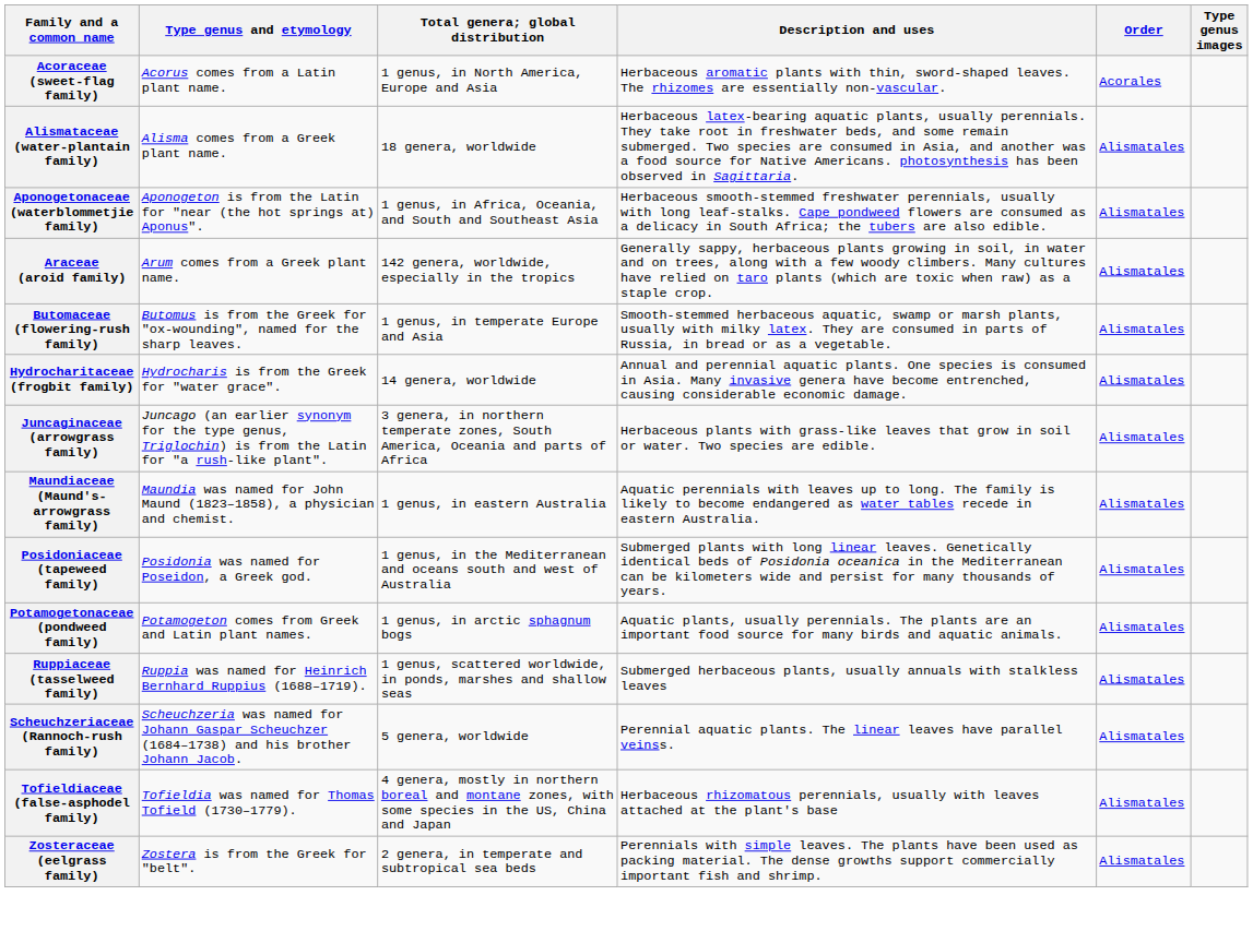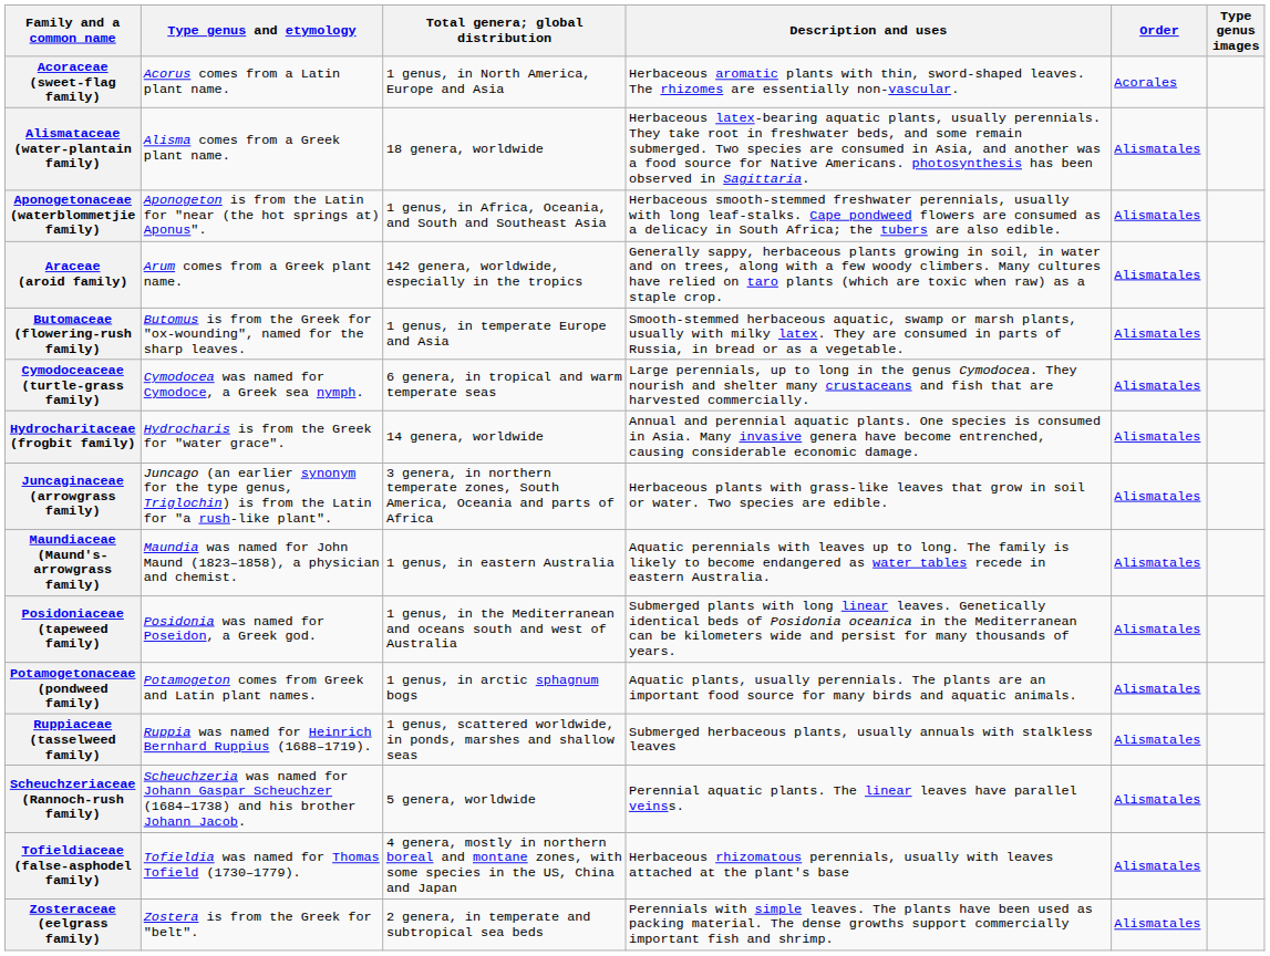 <table class="sortable wikitable plainrowheaders">
 <tr>
 <th scope="col" width="1%">Family and a <a href='#'>common name</a></th>
 <th scope="col" width="15%"><a href='#'>Type genus</a> and <a href='#'>etymology</a></th>
 <th scope="col" width="15%">Total genera; global distribution</th>
 <th scope="col" class="unsortable" style="min-width:160px;" width="30%">Description and uses</th>
 <th scope="col" width="1%"><a href='#'>Order</a></th>
 <th scope="col" class="unsortable" width="1%">Type genus images</th>
 </tr>
 <tr>
 <th scope="row" style="vertical-align: center;"><a href='#'>Acoraceae</a><br>(sweet-flag family)</th>
 <td><em><a href='#'>Acorus</a></em> comes from a Latin plant name.</td>
 <td>1 genus, in North America, Europe and Asia</td>
 <td>Herbaceous <a href='#'>aromatic</a> plants with thin, sword-shaped leaves. The <a href='#'>rhizomes</a> are essentially non-<a href='#'>vascular</a>.</td>
 <td><a href='#'>Acorales</a></td>
 <td></td>
 </tr>
 <tr>
 <th scope="row" style="vertical-align: center;"><a href='#'>Alismataceae</a><br>(water-plantain family)</th>
 <td><em><a href='#'>Alisma</a></em> comes from a Greek plant name.</td>
 <td>18 genera, worldwide</td>
 <td>Herbaceous <a href='#'>latex</a>-bearing aquatic plants, usually perennials. They take root in freshwater beds, and some remain submerged. Two species are consumed in Asia, and another was a food source for Native Americans. <a href='#'> photosynthesis</a> has been observed in <em><a href='#'>Sagittaria</a></em>.</td>
 <td><a href='#'>Alismatales</a></td>
 <td></td>
 </tr>
 <tr>
 <th scope="row" style="vertical-align: center;"><a href='#'>Aponogetona­ceae</a><br>(waterblommetjie family)</th>
 <td><em><a href='#'>Aponogeton</a></em> is from the Latin for "near (the hot springs at) <a href='#'>Aponus</a>".</td>
 <td>1 genus, in Africa, Oceania, and South and Southeast Asia</td>
 <td>Herbaceous smooth-stemmed freshwater perennials, usually with long leaf-stalks. <a href='#'>Cape pondweed</a> flowers are consumed as a delicacy in South Africa; the <a href='#'>tubers</a> are also edible.</td>
 <td><a href='#'>Alismatales</a></td>
 <td></td>
 </tr>
 <tr>
 <th scope="row" style="vertical-align: center;"><a href='#'>Araceae</a><br>(aroid family)</th>
 <td><em><a href='#'>Arum</a></em> comes from a Greek plant name.</td>
 <td>142 genera, worldwide, especially in the tropics</td>
 <td>Generally sappy, herbaceous plants growing in soil, in water and on trees, along with a few woody climbers. Many cultures have relied on <a href='#'>taro</a> plants (which are toxic when raw) as a staple crop.</td>
 <td><a href='#'>Alismatales</a></td>
 <td></td>
 </tr>
 <tr>
 <th scope="row" style="vertical-align: center;"><a href='#'>Butomaceae</a><br>(flowering-rush family)</th>
 <td><em><a href='#'>Butomus</a></em> is from the Greek for "ox-wounding", named for the sharp leaves.</td>
 <td>1 genus, in temperate Europe and Asia</td>
 <td>Smooth-stemmed herbaceous aquatic, swamp or marsh plants, usually with milky <a href='#'>latex</a>. They are consumed in parts of Russia, in bread or as a vegetable.</td>
+<td><a href='#'>Alismatales</a></td>
+<td></td>
+</tr>
+<tr>
+<th scope="row" style="vertical-align: center;"><a href='#'>Cymodocea­ceae</a><br>(turtle-grass family)</th>
+<td><em><a href='#'>Cymodocea</a></em> was named for <a href='#'>Cymodoce</a>, a Greek sea <a href='#'>nymph</a>.</td>
+<td>6 genera, in tropical and warm temperate seas</td>
+<td>Large perennials, up to  long in the genus <em>Cymodocea</em>. They nourish and shelter many <a href='#'>crustaceans</a> and fish that are harvested commercially.</td>
 <td><a href='#'>Alismatales</a></td>
 <td></td>
 </tr>
 <tr>
 <th scope="row" style="vertical-align: center;"><a href='#'>Hydrocharita­ceae</a><br>(frogbit family)</th>
 <td><em><a href='#'>Hydrocharis</a></em> is from the Greek for "water grace".</td>
 <td>14 genera, worldwide</td>
 <td>Annual and perennial aquatic plants. One species is consumed in Asia. Many <a href='#'>invasive</a> genera have become entrenched, causing considerable economic damage.</td>
 <td><a href='#'>Alismatales</a></td>
 <td></td>
 </tr>
 <tr>
 <th scope="row" style="vertical-align: center;"><a href='#'>Juncaginaceae</a><br>(arrowgrass family)</th>
 <td><em>Juncago</em> (an earlier <a href='#'>synonym</a> for the type genus, <em><a href='#'>Triglochin</a></em>) is from the Latin for "a <a href='#'>rush</a>-like plant".</td>
 <td>3 genera, in northern temperate zones, South America, Oceania and parts of Africa</td>
 <td>Herbaceous plants with grass-like leaves that grow in soil or water. Two species are edible.</td>
 <td><a href='#'>Alismatales</a></td>
 <td></td>
 </tr>
 <tr>
 <th scope="row" style="vertical-align: center;"><a href='#'>Maundiaceae</a><br>(Maund's-arrowgrass family)</th>
 <td><em><a href='#'>Maundia</a></em> was named for John Maund (1823–1858), a physician and chemist.</td>
 <td>1 genus, in eastern Australia</td>
 <td>Aquatic perennials with leaves up to  long. The family is likely to become endangered as <a href='#'>water tables</a> recede in eastern Australia.</td>
 <td><a href='#'>Alismatales</a></td>
 <td></td>
 </tr>
 <tr>
 <th scope="row" style="vertical-align: center;"><a href='#'>Posidoniaceae</a><br>(tapeweed family)</th>
 <td><em><a href='#'>Posidonia</a></em> was named for <a href='#'>Poseidon</a>, a Greek god.</td>
 <td>1 genus, in the Mediterranean and oceans south and west of Australia</td>
 <td>Submerged plants with long <a href='#'>linear</a> leaves. Genetically identical beds of <em>Posidonia oceanica</em> in the Mediterranean can be kilometers wide and persist for many thousands of years.</td>
 <td><a href='#'>Alismatales</a></td>
 <td></td>
 </tr>
 <tr>
 <th scope="row" style="vertical-align: center;"><a href='#'>Potamogetona­ceae</a><br>(pondweed family)</th>
 <td><em><a href='#'>Potamogeton</a></em> comes from Greek and Latin plant names.</td>
 <td>1 genus, in arctic <a href='#'>sphagnum</a> bogs</td>
 <td>Aquatic plants, usually perennials. The plants are an important food source for many birds and aquatic animals.</td>
 <td><a href='#'>Alismatales</a></td>
 <td></td>
 </tr>
 <tr>
 <th scope="row" style="vertical-align: center;"><a href='#'>Ruppiaceae</a><br>(tasselweed family)</th>
 <td><em><a href='#'>Ruppia</a></em> was named for <a href='#'>Heinrich Bernhard Ruppius</a> (1688–1719).</td>
 <td>1 genus, scattered worldwide, in ponds, marshes and shallow seas</td>
 <td>Submerged herbaceous plants, usually annuals with stalkless leaves</td>
 <td><a href='#'>Alismatales</a></td>
 <td></td>
 </tr>
 <tr>
 <th scope="row" style="vertical-align: center;"><a href='#'>Scheuchzeria­ceae</a><br>(Rannoch-rush family)</th>
 <td><em><a href='#'>Scheuchzeria</a></em> was named for <a href='#'>Johann Gaspar Scheuchzer</a> (1684–1738) and his brother <a href='#'>Johann Jacob</a>.</td>
 <td>5 genera, worldwide</td>
 <td>Perennial aquatic plants. The <a href='#'>linear</a> leaves have parallel <a href='#'>veins</a>s.</td>
 <td><a href='#'>Alismatales</a></td>
 <td></td>
 </tr>
 <tr>
 <th scope="row" style="vertical-align: center;"><a href='#'>Tofieldiaceae</a><br>(false-asphodel family)</th>
 <td><em><a href='#'>Tofieldia</a></em> was named for <a href='#'>Thomas Tofield</a> (1730–1779).</td>
 <td>4 genera, mostly in northern <a href='#'>boreal</a> and <a href='#'>montane</a> zones, with some species in the US, China and Japan</td>
 <td>Herbaceous <a href='#'>rhizomatous</a> perennials, usually with leaves attached at the plant's base</td>
 <td><a href='#'>Alismatales</a></td>
 <td></td>
 </tr>
 <tr>
 <th scope="row" style="vertical-align: center;"><a href='#'>Zosteraceae</a><br>(eelgrass family)</th>
 <td><em><a href='#'>Zostera</a></em> is from the Greek for "belt".</td>
 <td>2 genera, in temperate and subtropical sea beds</td>
 <td>Perennials with <a href='#'>simple</a> leaves. The plants have been used as packing material. The dense growths support commercially important fish and shrimp.</td>
 <td><a href='#'>Alismatales</a></td>
 <td></td>
 </tr>
 </table>
